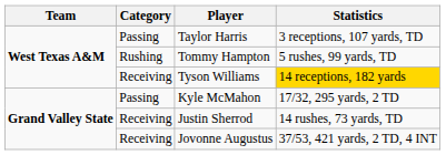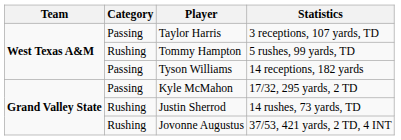 <table class="wikitable" style="float: left;">
 <tr>
 <th>Team</th>
 <th>Category</th>
 <th>Player</th>
 <th>Statistics</th>
 </tr>
 <tr>
 <td rowspan=3><strong>West Texas A&M</strong></td>
 <td>Passing</td>
 <td>Taylor Harris</td>
 <td>3 receptions, 107 yards, TD</td>
 </tr>
 <tr>
 <td>Rushing</td>
 <td>Tommy Hampton</td>
 <td>5 rushes, 99 yards, TD</td>
 </tr>
 <tr>
-<td>Receiving</td>
+<td>Passing</td>
 <td>Tyson Williams</td>
-<td style="background: gold;">14 receptions, 182 yards</td>
+<td>14 receptions, 182 yards</td>
 </tr>
 <tr>
 <td rowspan=3><strong>Grand Valley State</strong></td>
 <td>Passing</td>
 <td>Kyle McMahon</td>
 <td>17/32, 295 yards, 2 TD</td>
 </tr>
 <tr>
-<td>Receiving</td>
+<td>Rushing</td>
 <td>Justin Sherrod</td>
 <td>14 rushes, 73 yards, TD</td>
 </tr>
 <tr>
-<td>Receiving</td>
+<td>Rushing</td>
 <td>Jovonne Augustus</td>
 <td>37/53, 421 yards, 2 TD, 4 INT</td>
 </tr>
 </table>
